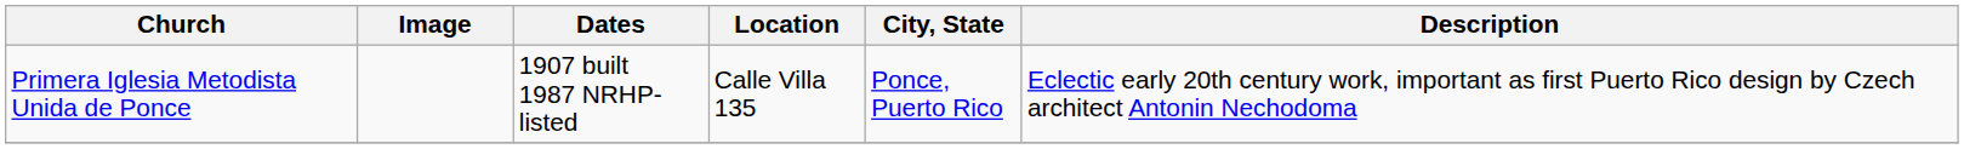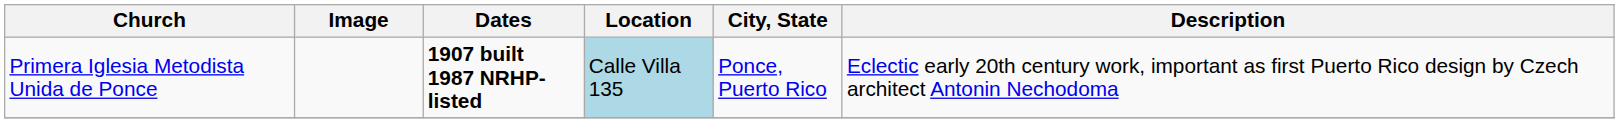 <table class="wikitable sortable" style="width:98%">
 <tr>
 <th style="width:18%;"><strong>Church</strong></th>
 <th style="width:8%;" class="unsortable"><strong>Image</strong></th>
 <th style="width:10%;"><strong>Dates</strong></th>
 <th><strong>Location</strong></th>
 <th style="width:8%;"><strong>City, State</strong></th>
 <th class="unsortable"><strong>Description</strong></th>
 </tr>
 <tr>
 <td><a href='#'>Primera Iglesia Metodista Unida de Ponce</a></td>
 <td></td>
-<td>1907 built<br>1987 NRHP-listed</td>
-<td>Calle Villa 135<br><small></small></td>
+<td><strong>1907 built<br>1987 NRHP-listed</strong></td>
+<td style="background: lightblue;">Calle Villa 135<br><small></small></td>
 <td><a href='#'>Ponce, Puerto Rico</a></td>
 <td><a href='#'>Eclectic</a> early 20th century work, important as first Puerto Rico design by Czech architect <a href='#'>Antonin Nechodoma</a></td>
 </tr>
 <tr>
 </tr>
 </table>
